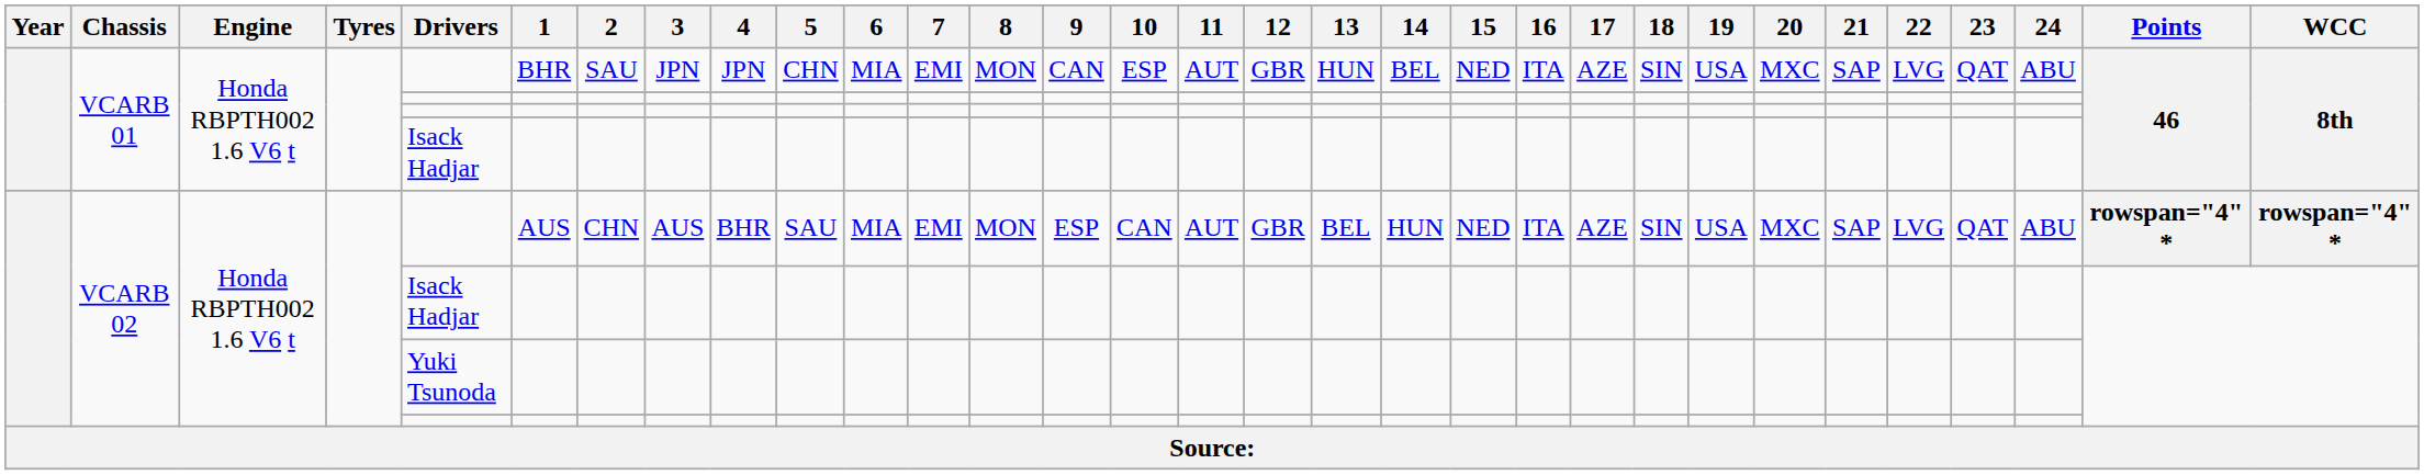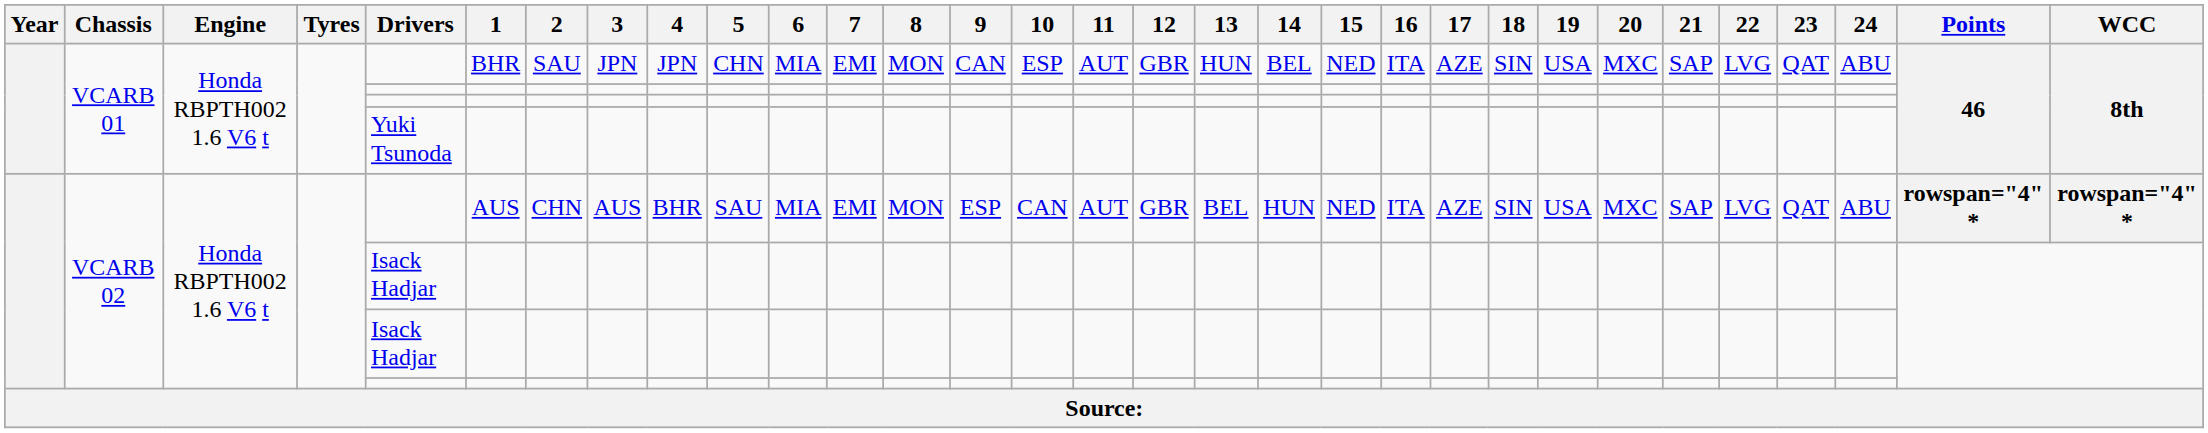 <table class="wikitable" style="text-align:center; font-size:85%">
 <tr>
 <th>Year</th>
 <th>Chassis</th>
 <th>Engine</th>
 <th>Tyres</th>
 <th>Drivers</th>
 <th>1</th>
 <th>2</th>
 <th>3</th>
 <th>4</th>
 <th>5</th>
 <th>6</th>
 <th>7</th>
 <th>8</th>
 <th>9</th>
 <th>10</th>
 <th>11</th>
 <th>12</th>
 <th>13</th>
 <th>14</th>
 <th>15</th>
 <th>16</th>
 <th>17</th>
 <th>18</th>
 <th>19</th>
 <th>20</th>
 <th>21</th>
 <th>22</th>
 <th>23</th>
 <th>24</th>
 <th><a href='#'>Points</a></th>
 <th>WCC</th>
 </tr>
 <tr>
 <th rowspan="4"></th>
 <td rowspan="4"><a href='#'>VCARB 01</a></td>
 <td rowspan="4"><a href='#'>Honda</a> RBPTH002<br>1.6 <a href='#'>V6</a> <a href='#'>t</a></td>
 <td rowspan="4"></td>
 <td></td>
 <td><a href='#'>BHR</a></td>
 <td><a href='#'>SAU</a></td>
 <td><a href='#'>JPN</a></td>
 <td><a href='#'>JPN</a></td>
 <td><a href='#'>CHN</a></td>
 <td><a href='#'>MIA</a></td>
 <td><a href='#'>EMI</a></td>
 <td><a href='#'>MON</a></td>
 <td><a href='#'>CAN</a></td>
 <td><a href='#'>ESP</a></td>
 <td><a href='#'>AUT</a></td>
 <td><a href='#'>GBR</a></td>
 <td><a href='#'>HUN</a></td>
 <td><a href='#'>BEL</a></td>
 <td><a href='#'>NED</a></td>
 <td><a href='#'>ITA</a></td>
 <td><a href='#'>AZE</a></td>
 <td><a href='#'>SIN</a></td>
 <td><a href='#'>USA</a></td>
 <td><a href='#'>MXC</a></td>
 <td><a href='#'>SAP</a></td>
 <td><a href='#'>LVG</a></td>
 <td><a href='#'>QAT</a></td>
 <td><a href='#'>ABU</a></td>
 <th rowspan="4">46</th>
 <th rowspan="4">8th</th>
 </tr>
 <tr>
 <td align="left"></td>
 <td></td>
 <td></td>
 <td></td>
 <td></td>
 <td></td>
 <td></td>
 <td></td>
 <td></td>
 <td></td>
 <td></td>
 <td></td>
 <td></td>
 <td></td>
 <td></td>
 <td></td>
 <td></td>
 <td></td>
 <td></td>
 <td></td>
 <td></td>
 <td></td>
 <td></td>
 <td></td>
 <td></td>
 </tr>
 <tr>
 <td align="left"></td>
 <td></td>
 <td></td>
 <td></td>
 <td></td>
 <td></td>
 <td></td>
 <td></td>
 <td></td>
 <td></td>
 <td></td>
 <td></td>
 <td></td>
 <td></td>
 <td></td>
 <td></td>
 <td></td>
 <td></td>
 <td></td>
 <td></td>
 <td></td>
 <td></td>
 <td></td>
 <td></td>
 <td></td>
 </tr>
 <tr>
-<td align=left> <a href='#'>Isack Hadjar</a></td>
+<td align=left> <a href='#'>Yuki Tsunoda</a></td>
 <td></td>
 <td></td>
 <td></td>
 <td></td>
 <td></td>
 <td></td>
 <td></td>
 <td></td>
 <td></td>
 <td></td>
 <td></td>
 <td></td>
 <td></td>
 <td></td>
 <td></td>
 <td></td>
 <td></td>
 <td></td>
 <td></td>
 <td></td>
 <td></td>
 <td></td>
 <td></td>
 <td></td>
 </tr>
 <tr>
 <th rowspan="4"></th>
 <td rowspan="4"><a href='#'>VCARB 02</a></td>
 <td rowspan="4"><a href='#'>Honda</a> RBPTH002<br>1.6 <a href='#'>V6</a> <a href='#'>t</a></td>
 <td rowspan="4"></td>
 <td></td>
 <td><a href='#'>AUS</a></td>
 <td><a href='#'>CHN</a></td>
 <td><a href='#'>AUS</a></td>
 <td><a href='#'>BHR</a></td>
 <td><a href='#'>SAU</a></td>
 <td><a href='#'>MIA</a></td>
 <td><a href='#'>EMI</a></td>
 <td><a href='#'>MON</a></td>
 <td><a href='#'>ESP</a></td>
 <td><a href='#'>CAN</a></td>
 <td><a href='#'>AUT</a></td>
 <td><a href='#'>GBR</a></td>
 <td><a href='#'>BEL</a></td>
 <td><a href='#'>HUN</a></td>
 <td><a href='#'>NED</a></td>
 <td><a href='#'>ITA</a></td>
 <td><a href='#'>AZE</a></td>
 <td><a href='#'>SIN</a></td>
 <td><a href='#'>USA</a></td>
 <td><a href='#'>MXC</a></td>
 <td><a href='#'>SAP</a></td>
 <td><a href='#'>LVG</a></td>
 <td><a href='#'>QAT</a></td>
 <td><a href='#'>ABU</a></td>
 <th>rowspan="4" *</th>
 <th>rowspan="4" *</th>
 </tr>
 <tr>
 <td align=left> <a href='#'>Isack Hadjar</a></td>
 <td></td>
 <td></td>
 <td></td>
 <td></td>
 <td></td>
 <td></td>
 <td></td>
 <td></td>
 <td></td>
 <td></td>
 <td></td>
 <td></td>
 <td></td>
 <td></td>
 <td></td>
 <td></td>
 <td></td>
 <td></td>
 <td></td>
 <td></td>
 <td></td>
 <td></td>
 <td></td>
 <td></td>
 </tr>
 <tr>
-<td align=left> <a href='#'>Yuki Tsunoda</a></td>
+<td align=left> <a href='#'>Isack Hadjar</a></td>
 <td></td>
 <td></td>
 <td></td>
 <td></td>
 <td></td>
 <td></td>
 <td></td>
 <td></td>
 <td></td>
 <td></td>
 <td></td>
 <td></td>
 <td></td>
 <td></td>
 <td></td>
 <td></td>
 <td></td>
 <td></td>
 <td></td>
 <td></td>
 <td></td>
 <td></td>
 <td></td>
 <td></td>
 </tr>
 <tr>
 <td align="left"></td>
 <td></td>
 <td></td>
 <td></td>
 <td></td>
 <td></td>
 <td></td>
 <td></td>
 <td></td>
 <td></td>
 <td></td>
 <td></td>
 <td></td>
 <td></td>
 <td></td>
 <td></td>
 <td></td>
 <td></td>
 <td></td>
 <td></td>
 <td></td>
 <td></td>
 <td></td>
 <td></td>
 <td></td>
 </tr>
 <tr>
 <th colspan="31">Source:</th>
 </tr>
 </table>
